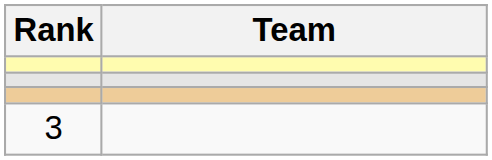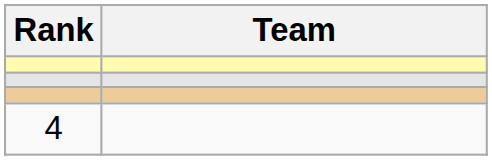 <table class="wikitable" style="text-align:center;">
 <tr>
 <th width=40>Rank</th>
 <th width=180>Team</th>
 </tr>
 <tr style="background:#fffcaf;">
 <td></td>
 <td style="text-align:left;"></td>
 </tr>
 <tr style="background:#e5e5e5;">
 <td></td>
 <td style="text-align:left;"></td>
 </tr>
 <tr style="background:#ec9;">
 <td></td>
 <td style="text-align:left;"></td>
 </tr>
 <tr>
-<td>3</td>
+<td>4</td>
 <td style="text-align:left;"></td>
 </tr>
 </table>
